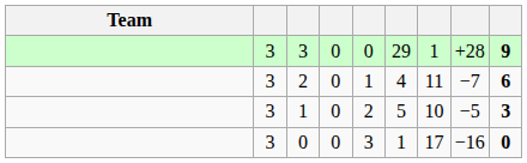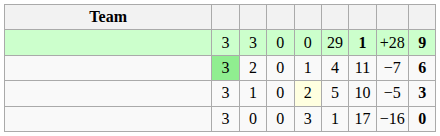 <table class=wikitable style="text-align:center">
 <tr>
 <th width=200>Team</th>
 <th width=20></th>
 <th width=20></th>
 <th width=20></th>
 <th width=20></th>
 <th width=20></th>
 <th width=20></th>
 <th width=20></th>
 <th width=20></th>
 </tr>
 <tr bgcolor=ccffcc>
 <td style="text-align:left"></td>
 <td>3</td>
 <td>3</td>
 <td>0</td>
 <td>0</td>
 <td>29</td>
-<td>1</td>
+<td><strong>1</strong></td>
 <td>+28</td>
 <td><strong>9</strong></td>
 </tr>
 <tr>
 <td style="text-align:left"></td>
-<td>3</td>
+<td style="background: lightgreen;">3</td>
 <td>2</td>
 <td>0</td>
 <td>1</td>
 <td>4</td>
 <td>11</td>
 <td>−7</td>
 <td><strong>6</strong></td>
 </tr>
 <tr>
 <td align=left></td>
 <td>3</td>
 <td>1</td>
 <td>0</td>
-<td>2</td>
+<td style="background: lightyellow;">2</td>
 <td>5</td>
 <td>10</td>
 <td>−5</td>
 <td><strong>3</strong></td>
 </tr>
 <tr>
 <td style="text-align:left"></td>
 <td>3</td>
 <td>0</td>
 <td>0</td>
 <td>3</td>
 <td>1</td>
 <td>17</td>
 <td>−16</td>
 <td><strong>0</strong></td>
 </tr>
 <tr>
 </tr>
 </table>
